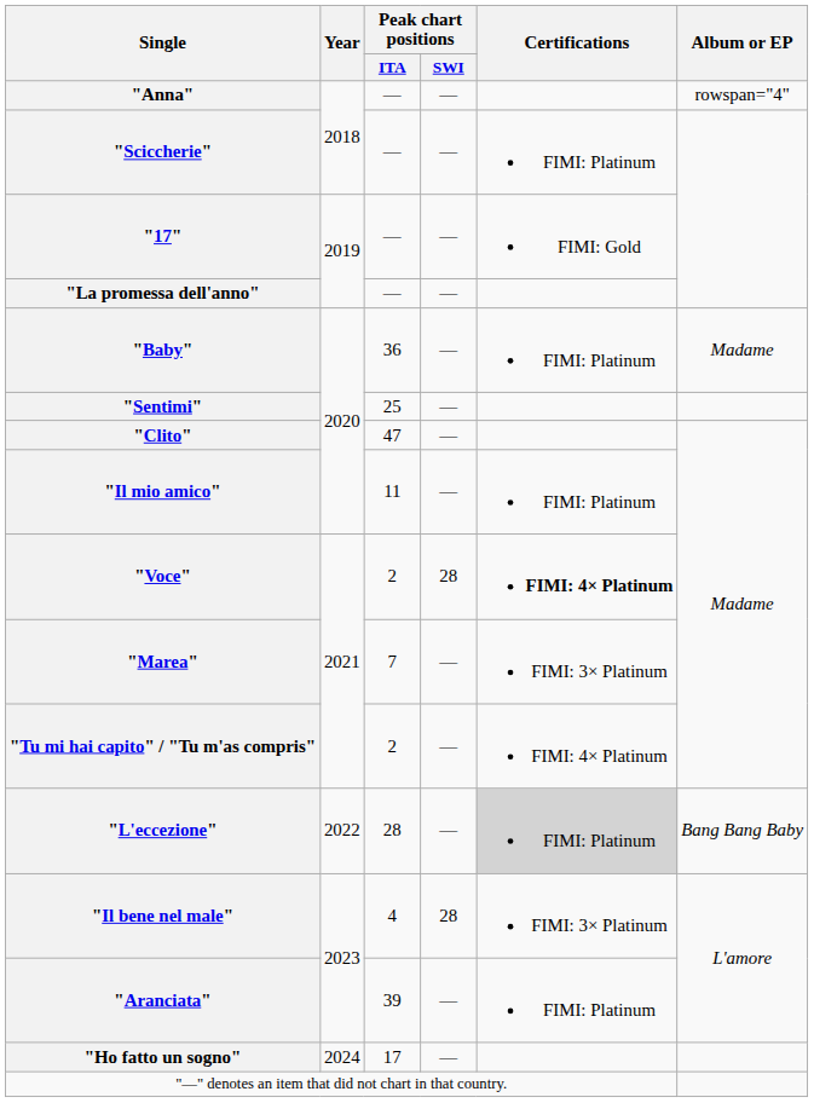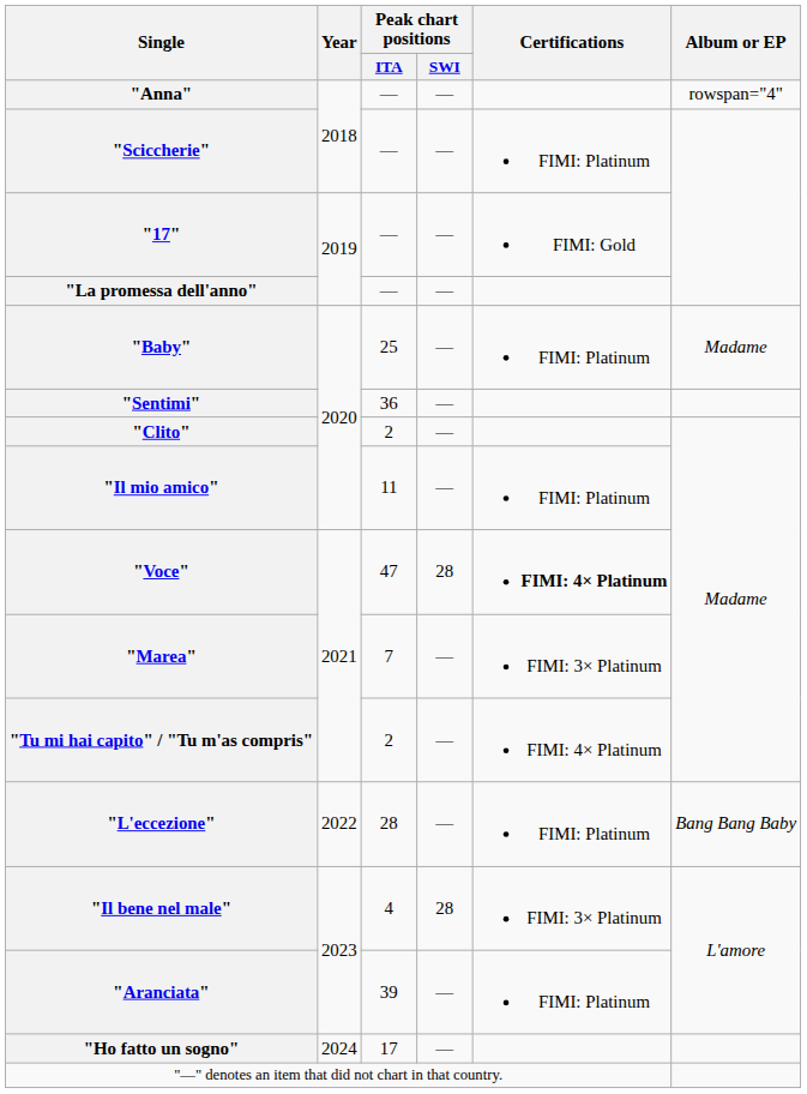 <table class="wikitable plainrowheaders" style="text-align:center;">
 <tr>
 <th scope="col" rowspan="2">Single</th>
 <th scope="col" rowspan="2">Year</th>
 <th scope="col" colspan="2">Peak chart positions</th>
 <th scope="col" rowspan="2">Certifications</th>
 <th scope="col" rowspan="2">Album or EP</th>
 </tr>
 <tr>
 <th scope="col" style="width:3em;font-size:90%;"><a href='#'>ITA</a><br></th>
 <th scope="col" style="width:3em;font-size:90%;"><a href='#'>SWI</a><br></th>
 </tr>
 <tr>
 <th scope="row">"Anna"</th>
 <td rowspan="2">2018</td>
 <td>—</td>
 <td>—</td>
 <td></td>
 <td>rowspan="4" </td>
 </tr>
 <tr>
 <th scope="row">"<a href='#'>Sciccherie</a>"</th>
 <td>—</td>
 <td>—</td>
 <td><br><ul><li>FIMI: Platinum</li></ul></td>
 </tr>
 <tr>
 <th scope="row">"<a href='#'>17</a>"</th>
 <td rowspan="2">2019</td>
 <td>—</td>
 <td>—</td>
 <td><br><ul><li>FIMI: Gold</li></ul></td>
 </tr>
 <tr>
 <th scope="row">"La promessa dell'anno"</th>
 <td>—</td>
 <td>—</td>
 <td></td>
 </tr>
 <tr>
 <th scope="row">"<a href='#'>Baby</a>"</th>
 <td rowspan="4">2020</td>
-<td>36</td>
+<td>25</td>
 <td>—</td>
 <td><br><ul><li>FIMI: Platinum</li></ul></td>
 <td><em>Madame</em></td>
 </tr>
 <tr>
 <th scope="row">"<a href='#'>Sentimi</a>"</th>
-<td>25</td>
+<td>36</td>
 <td>—</td>
 <td></td>
 <td></td>
 </tr>
 <tr>
 <th scope="row">"<a href='#'>Clito</a>"</th>
-<td>47</td>
+<td>2</td>
 <td>—</td>
 <td></td>
 <td rowspan="5"><em>Madame</em></td>
 </tr>
 <tr>
 <th scope="row">"<a href='#'>Il mio amico</a>"<br></th>
 <td>11</td>
 <td>—</td>
 <td><br><ul><li>FIMI: Platinum</li></ul></td>
 </tr>
 <tr>
 <th scope="row">"<a href='#'>Voce</a>"</th>
 <td rowspan ="3">2021</td>
-<td>2</td>
+<td>47</td>
 <td>28</td>
 <td><strong><br><ul><li>FIMI: 4× Platinum</li></ul></strong></td>
 </tr>
 <tr>
 <th scope="row">"<a href='#'>Marea</a>"</th>
 <td>7</td>
 <td>—</td>
 <td><br><ul><li>FIMI: 3× Platinum</li></ul></td>
 </tr>
 <tr>
 <th scope="row">"<a href='#'>Tu mi hai capito</a>" / "Tu m'as compris"<br></th>
 <td>2</td>
 <td>—</td>
 <td><br><ul><li>FIMI: 4× Platinum</li></ul></td>
 </tr>
 <tr>
 <th scope="row">"<a href='#'>L'eccezione</a>"</th>
 <td>2022</td>
 <td>28</td>
 <td>—</td>
-<td style="background: lightgrey;"><br><ul><li>FIMI: Platinum</li></ul></td>
+<td><br><ul><li>FIMI: Platinum</li></ul></td>
 <td><em>Bang Bang Baby</em></td>
 </tr>
 <tr>
 <th scope="row">"<a href='#'>Il bene nel male</a>"</th>
 <td rowspan="2">2023</td>
 <td>4</td>
 <td>28</td>
 <td><br><ul><li>FIMI: 3× Platinum</li></ul></td>
 <td rowspan="2"><em>L'amore</em></td>
 </tr>
 <tr>
 <th scope="row">"<a href='#'>Aranciata</a>"</th>
 <td>39</td>
 <td>—</td>
 <td><br><ul><li>FIMI: Platinum</li></ul></td>
 </tr>
 <tr>
 <th scope="row">"Ho fatto un sogno"<br></th>
 <td>2024</td>
 <td>17</td>
 <td>—</td>
 <td></td>
 <td></td>
 </tr>
 <tr>
 <td colspan="5" style="text-align:center; font-size:85%;">"—" denotes an item that did not chart in that country.</td>
 </tr>
 </table>
